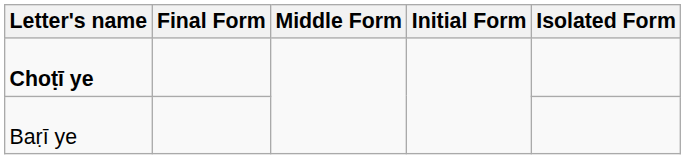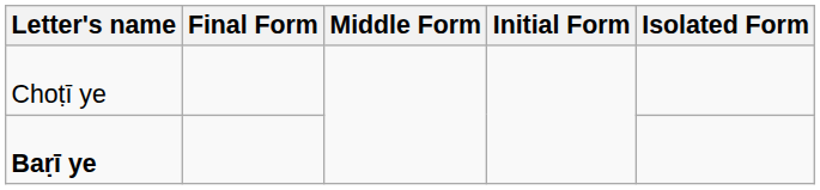 <table class="wikitable">
 <tr>
 <th>Letter's name</th>
 <th>Final Form</th>
 <th>Middle Form</th>
 <th>Initial Form</th>
 <th>Isolated Form</th>
 </tr>
 <tr>
-<td><strong><br>Choṭī ye</strong></td>
+<td><br>Choṭī ye</td>
 <td style="font-size: 150%" align=center></td>
 <td rowspan=2 style="font-size: 150%" align=center></td>
 <td rowspan=2 style="font-size: 150%" align=center></td>
 <td style="font-size: 150%" align=center></td>
 </tr>
 <tr>
-<td><br>Baṛī ye</td>
+<td><strong><br>Baṛī ye</strong></td>
 <td style="font-size: 150%" align=center></td>
 <td style="font-size: 150%" align=center></td>
 </tr>
 </table>
